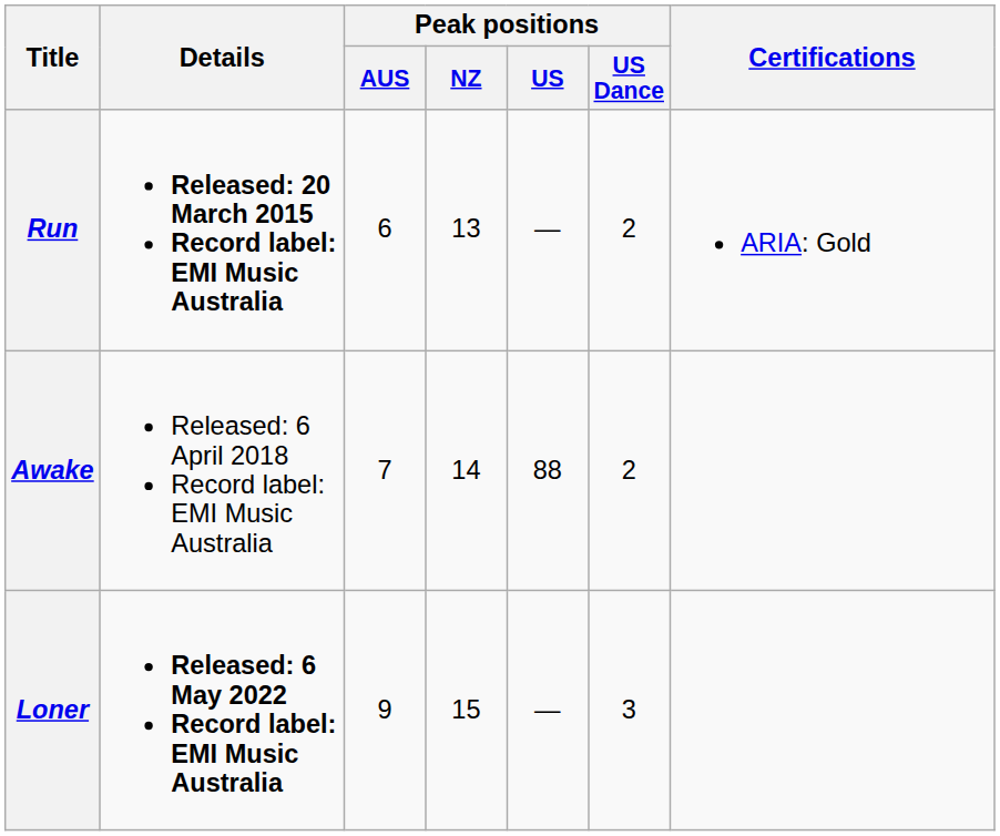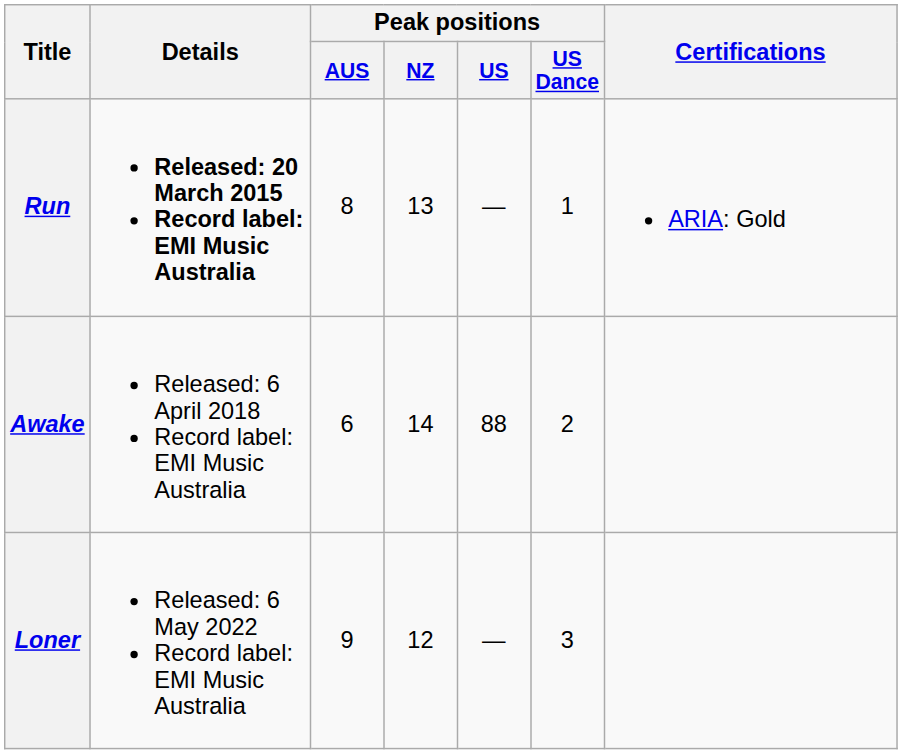 <table class="wikitable plainrowheaders">
 <tr>
 <th rowspan="2" style="text-align:center">Title</th>
 <th rowspan="2" style="text-align:center">Details</th>
 <th colspan="4" style="text-align:center; width:20px;">Peak positions</th>
 <th scope="col" rowspan="2" style="width:12em;"><a href='#'>Certifications</a></th>
 </tr>
 <tr>
 <th scope="col" style="width:3em;font-size:90%;"><a href='#'>AUS</a><br></th>
 <th scope="col" style="width:3em;font-size:90%;"><a href='#'>NZ</a><br></th>
 <th scope="col" style="width:3em;font-size:90%;"><a href='#'>US</a><br></th>
 <th scope="col" style="width:3em;font-size:90%;"><a href='#'>US Dance</a><br></th>
 </tr>
 <tr>
 <th scope="row"><em><a href='#'>Run</a></em></th>
 <td><strong><br><ul><li>Released: 20 March 2015</li><li>Record label: EMI Music Australia</li></ul></strong></td>
-<td style="text-align:center;">6</td>
+<td style="text-align:center;">8</td>
 <td style="text-align:center;">13</td>
 <td style="text-align:center;">—</td>
-<td style="text-align:center;">2</td>
+<td style="text-align:center;">1</td>
 <td><br><ul><li><a href='#'>ARIA</a>: Gold</li></ul></td>
 </tr>
 <tr>
 <th scope="row"><em><a href='#'>Awake</a></em></th>
 <td><br><ul><li>Released: 6 April 2018</li><li>Record label: EMI Music Australia</li></ul></td>
-<td style="text-align:center;">7</td>
+<td style="text-align:center;">6</td>
 <td style="text-align:center;">14</td>
 <td style="text-align:center;">88</td>
 <td style="text-align:center;">2</td>
 <td></td>
 </tr>
 <tr>
 <th scope="row"><em><a href='#'>Loner</a></em></th>
-<td><strong><br><ul><li>Released: 6 May 2022</li><li>Record label: EMI Music Australia</li></ul></strong></td>
+<td><br><ul><li>Released: 6 May 2022</li><li>Record label: EMI Music Australia</li></ul></td>
 <td style="text-align:center;">9</td>
-<td style="text-align:center;">15</td>
+<td style="text-align:center;">12</td>
 <td style="text-align:center;">—</td>
 <td style="text-align:center;">3</td>
 <td></td>
 </tr>
 </table>
